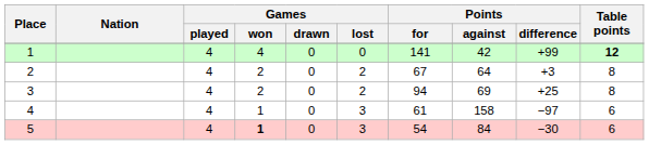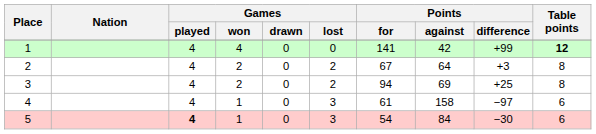 <table class="wikitable">
 <tr>
 <th rowspan=2 width="8%">Place</th>
 <th rowspan=2 width="20%">Nation</th>
 <th colspan=4 width="32%">Games</th>
 <th colspan=3 width="30%">Points</th>
 <th rowspan=2 width="10%">Table<br>points</th>
 </tr>
 <tr>
 <th width="8%">played</th>
 <th width="8%">won</th>
 <th width="8%">drawn</th>
 <th width="8%">lost</th>
 <th width="10%">for</th>
 <th width="10%">against</th>
 <th width="10%">difference</th>
 </tr>
 <tr>
 </tr>
 <tr bgcolor=#ccffcc align=center>
 <td>1</td>
 <td align=left><strong></strong></td>
 <td>4</td>
 <td>4</td>
 <td>0</td>
 <td>0</td>
 <td>141</td>
 <td>42</td>
 <td>+99</td>
 <td><strong>12</strong></td>
 </tr>
 <tr bgcolor=#ffffff align=center>
 <td>2</td>
 <td align=left></td>
 <td>4</td>
 <td>2</td>
 <td>0</td>
 <td>2</td>
 <td>67</td>
 <td>64</td>
 <td>+3</td>
 <td>8</td>
 </tr>
 <tr bgcolor=#ffffff align=center>
 <td>3</td>
 <td align=left></td>
 <td>4</td>
 <td>2</td>
 <td>0</td>
 <td>2</td>
 <td>94</td>
 <td>69</td>
 <td>+25</td>
 <td>8</td>
 </tr>
 <tr bgcolor=#ffffff align=center>
 <td>4</td>
 <td align=left></td>
 <td>4</td>
 <td>1</td>
 <td>0</td>
 <td>3</td>
 <td>61</td>
 <td>158</td>
 <td>−97</td>
 <td>6</td>
 </tr>
 <tr bgcolor=#ffcccc align=center>
 <td>5</td>
 <td align=left><em></em></td>
-<td>4</td>
-<td><strong>1</strong></td>
+<td><strong>4</strong></td>
+<td>1</td>
 <td>0</td>
 <td>3</td>
 <td>54</td>
 <td>84</td>
 <td>−30</td>
 <td>6</td>
 </tr>
 </table>
